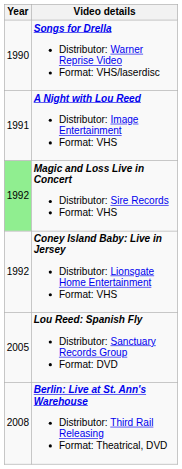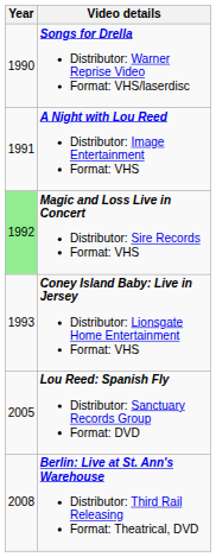 <table class="wikitable">
 <tr>
 <th style="width:25px;">Year</th>
 <th style="width:225px;">Video details</th>
 </tr>
 <tr>
 <td>1990</td>
 <td><strong><em><a href='#'>Songs for Drella</a></em></strong><br><ul><li>Distributor: <a href='#'>Warner Reprise Video</a></li><li>Format: VHS/laserdisc</li></ul></td>
 </tr>
 <tr>
 <td>1991</td>
 <td><strong><em><a href='#'>A Night with Lou Reed</a></em></strong><br><ul><li>Distributor: <a href='#'>Image Entertainment</a></li><li>Format: VHS</li></ul></td>
 </tr>
 <tr>
 <td style="background: lightgreen;">1992</td>
 <td><strong><em>Magic and Loss Live in Concert</em></strong><br><ul><li>Distributor: <a href='#'>Sire Records</a></li><li>Format: VHS</li></ul></td>
 </tr>
 <tr>
-<td>1992</td>
+<td>1993</td>
 <td><strong><em>Coney Island Baby: Live in Jersey</em></strong><br><ul><li>Distributor: <a href='#'>Lionsgate Home Entertainment</a></li><li>Format: VHS</li></ul></td>
 </tr>
 <tr>
 <td>2005</td>
 <td><strong><em>Lou Reed: Spanish Fly</em></strong><br><ul><li>Distributor: <a href='#'>Sanctuary Records Group</a></li><li>Format: DVD</li></ul></td>
 </tr>
 <tr>
 <td>2008</td>
 <td><strong><em><a href='#'>Berlin: Live at St. Ann's Warehouse</a></em></strong><br><ul><li>Distributor: <a href='#'>Third Rail Releasing</a></li><li>Format: Theatrical, DVD</li></ul></td>
 </tr>
 </table>
